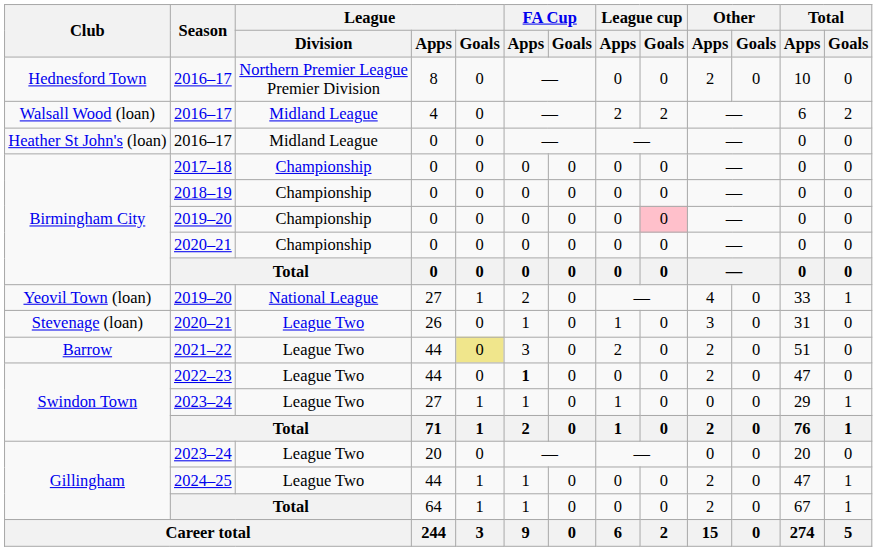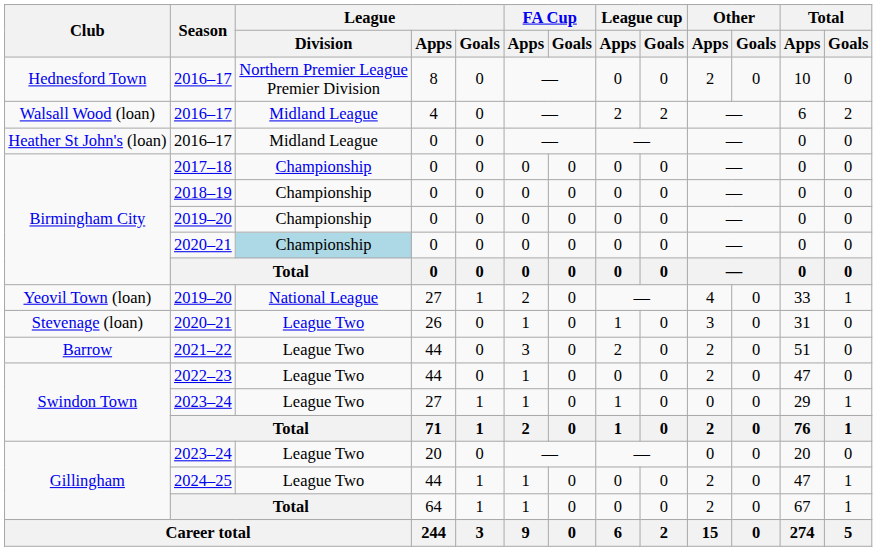 <table class="wikitable" style="text-align:center">
 <tr>
 <th rowspan="2">Club</th>
 <th rowspan="2">Season</th>
 <th colspan="3">League</th>
 <th colspan="2"><a href='#'>FA Cup</a></th>
 <th colspan="2">League cup</th>
 <th colspan="2">Other</th>
 <th colspan="2">Total</th>
 </tr>
 <tr>
 <th>Division</th>
 <th>Apps</th>
 <th>Goals</th>
 <th>Apps</th>
 <th>Goals</th>
 <th>Apps</th>
 <th>Goals</th>
 <th>Apps</th>
 <th>Goals</th>
 <th>Apps</th>
 <th>Goals</th>
 </tr>
 <tr>
 <td><a href='#'>Hednesford Town</a></td>
 <td><a href='#'>2016–17</a></td>
 <td><a href='#'>Northern Premier League</a><br>Premier Division</td>
 <td>8</td>
 <td>0</td>
 <td colspan="2">—</td>
 <td>0</td>
 <td>0</td>
 <td>2</td>
 <td>0</td>
 <td>10</td>
 <td>0</td>
 </tr>
 <tr>
 <td><a href='#'>Walsall Wood</a> (loan)</td>
 <td><a href='#'>2016–17</a></td>
 <td><a href='#'>Midland League</a></td>
 <td>4</td>
 <td>0</td>
 <td colspan="2">—</td>
 <td>2</td>
 <td>2</td>
 <td colspan="2">—</td>
 <td>6</td>
 <td>2</td>
 </tr>
 <tr>
 <td><a href='#'>Heather St John's</a> (loan)</td>
 <td>2016–17</td>
 <td>Midland League</td>
 <td>0</td>
 <td>0</td>
 <td colspan="2">—</td>
 <td colspan="2">—</td>
 <td colspan="2">—</td>
 <td>0</td>
 <td>0</td>
 </tr>
 <tr>
 <td rowspan="5"><a href='#'>Birmingham City</a></td>
 <td><a href='#'>2017–18</a></td>
 <td><a href='#'>Championship</a></td>
 <td>0</td>
 <td>0</td>
 <td>0</td>
 <td>0</td>
 <td>0</td>
 <td>0</td>
 <td colspan="2">—</td>
 <td>0</td>
 <td>0</td>
 </tr>
 <tr>
 <td><a href='#'>2018–19</a></td>
 <td>Championship</td>
 <td>0</td>
 <td>0</td>
 <td>0</td>
 <td>0</td>
 <td>0</td>
 <td>0</td>
 <td colspan="2">—</td>
 <td>0</td>
 <td>0</td>
 </tr>
 <tr>
 <td><a href='#'>2019–20</a></td>
 <td>Championship</td>
 <td>0</td>
 <td>0</td>
 <td>0</td>
 <td>0</td>
 <td>0</td>
-<td style="background: pink;">0</td>
+<td>0</td>
 <td colspan="2">—</td>
 <td>0</td>
 <td>0</td>
 </tr>
 <tr>
 <td><a href='#'>2020–21</a></td>
-<td>Championship</td>
+<td style="background: lightblue;">Championship</td>
 <td>0</td>
 <td>0</td>
 <td>0</td>
 <td>0</td>
 <td>0</td>
 <td>0</td>
 <td colspan="2">—</td>
 <td>0</td>
 <td>0</td>
 </tr>
 <tr>
 <th colspan="2">Total</th>
 <th>0</th>
 <th>0</th>
 <th>0</th>
 <th>0</th>
 <th>0</th>
 <th>0</th>
 <th colspan="2">—</th>
 <th>0</th>
 <th>0</th>
 </tr>
 <tr>
 <td><a href='#'>Yeovil Town</a> (loan)</td>
 <td><a href='#'>2019–20</a></td>
 <td><a href='#'>National League</a></td>
 <td>27</td>
 <td>1</td>
 <td>2</td>
 <td>0</td>
 <td colspan="2">—</td>
 <td>4</td>
 <td>0</td>
 <td>33</td>
 <td>1</td>
 </tr>
 <tr>
 <td><a href='#'>Stevenage</a> (loan)</td>
 <td><a href='#'>2020–21</a></td>
 <td><a href='#'>League Two</a></td>
 <td>26</td>
 <td>0</td>
 <td>1</td>
 <td>0</td>
 <td>1</td>
 <td>0</td>
 <td>3</td>
 <td>0</td>
 <td>31</td>
 <td>0</td>
 </tr>
 <tr>
 <td><a href='#'>Barrow</a></td>
 <td><a href='#'>2021–22</a></td>
 <td>League Two</td>
 <td>44</td>
-<td style="background: khaki;">0</td>
+<td>0</td>
 <td>3</td>
 <td>0</td>
 <td>2</td>
 <td>0</td>
 <td>2</td>
 <td>0</td>
 <td>51</td>
 <td>0</td>
 </tr>
 <tr>
 <td rowspan="3"><a href='#'>Swindon Town</a></td>
 <td><a href='#'>2022–23</a></td>
 <td>League Two</td>
 <td>44</td>
 <td>0</td>
-<td><strong>1</strong></td>
+<td>1</td>
 <td>0</td>
 <td>0</td>
 <td>0</td>
 <td>2</td>
 <td>0</td>
 <td>47</td>
 <td>0</td>
 </tr>
 <tr>
 <td><a href='#'>2023–24</a></td>
 <td>League Two</td>
 <td>27</td>
 <td>1</td>
 <td>1</td>
 <td>0</td>
 <td>1</td>
 <td>0</td>
 <td>0</td>
 <td>0</td>
 <td>29</td>
 <td>1</td>
 </tr>
 <tr>
 <th colspan="2">Total</th>
 <th>71</th>
 <th>1</th>
 <th>2</th>
 <th>0</th>
 <th>1</th>
 <th>0</th>
 <th>2</th>
 <th>0</th>
 <th>76</th>
 <th>1</th>
 </tr>
 <tr>
 <td rowspan="3"><a href='#'>Gillingham</a></td>
 <td><a href='#'>2023–24</a></td>
 <td>League Two</td>
 <td>20</td>
 <td>0</td>
 <td colspan="2">—</td>
 <td colspan="2">—</td>
 <td>0</td>
 <td>0</td>
 <td>20</td>
 <td>0</td>
 </tr>
 <tr>
 <td><a href='#'>2024–25</a></td>
 <td>League Two</td>
 <td>44</td>
 <td>1</td>
 <td>1</td>
 <td>0</td>
 <td>0</td>
 <td>0</td>
 <td>2</td>
 <td>0</td>
 <td>47</td>
 <td>1</td>
 </tr>
 <tr>
 <th colspan="2">Total</th>
 <td>64</td>
 <td>1</td>
 <td>1</td>
 <td>0</td>
 <td>0</td>
 <td>0</td>
 <td>2</td>
 <td>0</td>
 <td>67</td>
 <td>1</td>
 </tr>
 <tr>
 <th colspan="3">Career total</th>
 <th>244</th>
 <th>3</th>
 <th>9</th>
 <th>0</th>
 <th>6</th>
 <th>2</th>
 <th>15</th>
 <th>0</th>
 <th>274</th>
 <th>5</th>
 </tr>
 </table>
